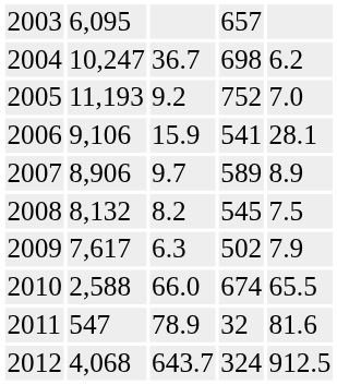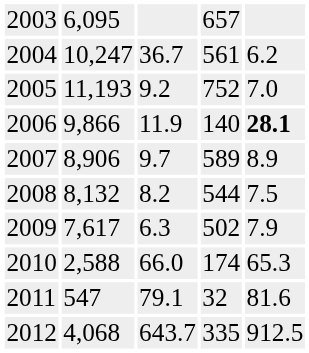 <table class="toccolours sortable" style="padding:0.5em;">
 <tr>
 <th></th>
 <th></th>
 <th></th>
 <th></th>
 <th></th>
 </tr>
 <tr style="background:#eee;">
 <td>2003</td>
 <td>6,095</td>
 <td></td>
 <td>657</td>
 <td></td>
 </tr>
 <tr style="background:#eee;">
 <td>2004</td>
 <td>10,247</td>
 <td> 36.7</td>
-<td>698</td>
+<td>561</td>
 <td> 6.2</td>
 </tr>
 <tr style="background:#eee;">
 <td>2005</td>
 <td>11,193</td>
 <td> 9.2</td>
 <td>752</td>
 <td> 7.0</td>
 </tr>
 <tr style="background:#eee;">
 <td>2006</td>
-<td>9,106</td>
-<td> 15.9</td>
-<td>541</td>
-<td> 28.1</td>
+<td>9,866</td>
+<td> 11.9</td>
+<td>140</td>
+<td><strong> 28.1</strong></td>
 </tr>
 <tr style="background:#eee;">
 <td>2007</td>
 <td>8,906</td>
 <td> 9.7</td>
 <td>589</td>
 <td> 8.9</td>
 </tr>
 <tr style="background:#eee;">
 <td>2008</td>
 <td>8,132</td>
 <td> 8.2</td>
-<td>545</td>
+<td>544</td>
 <td> 7.5</td>
 </tr>
 <tr style="background:#eee;">
 <td>2009</td>
 <td>7,617</td>
 <td> 6.3</td>
 <td>502</td>
 <td> 7.9</td>
 </tr>
 <tr style="background:#eee;">
 <td>2010</td>
 <td>2,588</td>
 <td> 66.0</td>
-<td>674</td>
-<td> 65.5</td>
+<td>174</td>
+<td> 65.3</td>
 </tr>
 <tr style="background:#eee;">
 <td>2011</td>
 <td>547</td>
-<td> 78.9</td>
+<td> 79.1</td>
 <td>32</td>
 <td> 81.6</td>
 </tr>
 <tr style="background:#eee;">
 <td>2012</td>
 <td>4,068</td>
 <td> 643.7</td>
-<td>324</td>
+<td>335</td>
 <td> 912.5</td>
 </tr>
 </table>
